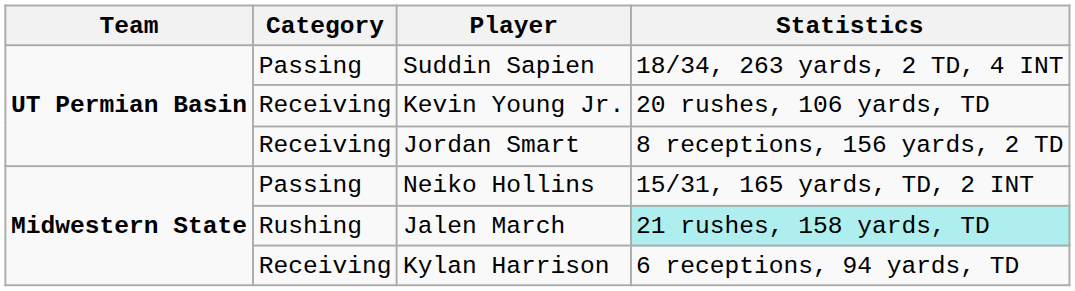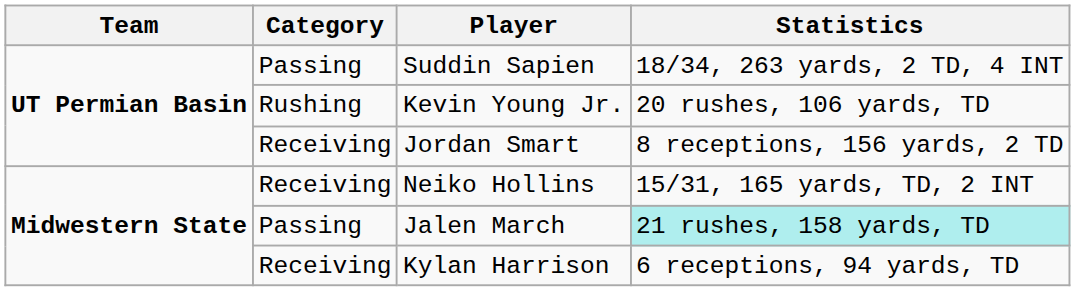 <table class="wikitable" style="float: right;">
 <tr>
 <th>Team</th>
 <th>Category</th>
 <th>Player</th>
 <th>Statistics</th>
 </tr>
 <tr>
 <td rowspan=3><strong>UT Permian Basin</strong></td>
 <td>Passing</td>
 <td>Suddin Sapien</td>
 <td>18/34, 263 yards, 2 TD, 4 INT</td>
 </tr>
 <tr>
-<td>Receiving</td>
+<td>Rushing</td>
 <td>Kevin Young Jr.</td>
 <td>20 rushes, 106 yards, TD</td>
 </tr>
 <tr>
 <td>Receiving</td>
 <td>Jordan Smart</td>
 <td>8 receptions, 156 yards, 2 TD</td>
 </tr>
 <tr>
 <td rowspan=3><strong>Midwestern State</strong></td>
-<td>Passing</td>
+<td>Receiving</td>
 <td>Neiko Hollins</td>
 <td>15/31, 165 yards, TD, 2 INT</td>
 </tr>
 <tr>
-<td>Rushing</td>
+<td>Passing</td>
 <td>Jalen March</td>
 <td style="background: paleturquoise;">21 rushes, 158 yards, TD</td>
 </tr>
 <tr>
 <td>Receiving</td>
 <td>Kylan Harrison</td>
 <td>6 receptions, 94 yards, TD</td>
 </tr>
 </table>
